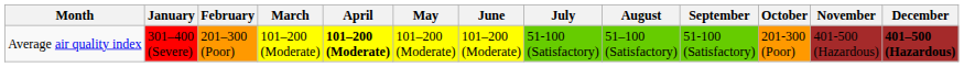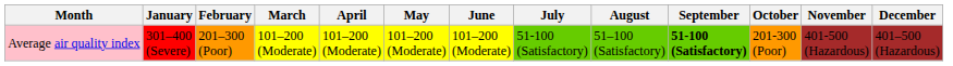 <table class="wikitable">
 <tr>
 <th>Month</th>
 <th>January</th>
 <th>February</th>
 <th>March</th>
 <th>April</th>
 <th>May</th>
 <th>June</th>
 <th>July</th>
 <th>August</th>
 <th>September</th>
 <th>October</th>
 <th>November</th>
 <th>December</th>
 </tr>
 <tr>
-<td>Average <a href='#'>air quality index</a></td>
+<td style="background: pink;">Average <a href='#'>air quality index</a></td>
 <td style="background:red; colour: black">301–400<br>(Severe)</td>
 <td style="background: #f90; colour: black">201–300<br>(Poor)</td>
 <td style="background: #ff0; colour: black">101–200<br>(Moderate)</td>
-<td style="background: #ff0; colour: black"><strong>101–200<br>(Moderate)</strong></td>
+<td style="background: #ff0; colour: black">101–200<br>(Moderate)</td>
 <td style="background: #ff0; colour: black">101–200<br>(Moderate)</td>
 <td style="background: #ff0; colour: black">101–200<br>(Moderate)</td>
 <td style="background: #6c0; colour: black">51-100<br>(Satisfactory)</td>
 <td style="background: #6c0; colour: black">51–100<br>(Satisfactory)</td>
-<td style="background: #6c0; colour: black">51-100<br>(Satisfactory)</td>
+<td style="background: #6c0; colour: black"><strong>51-100<br>(Satisfactory)</strong></td>
 <td style="background: #f90; colour: black">201-300<br>(Poor)</td>
 <td style="background:brown; colour: black">401-500<br>(Hazardous)</td>
-<td style="background:brown; colour: black"><strong>401–500<br>(Hazardous)</strong></td>
+<td style="background:brown; colour: black">401–500<br>(Hazardous)</td>
 </tr>
 </table>
